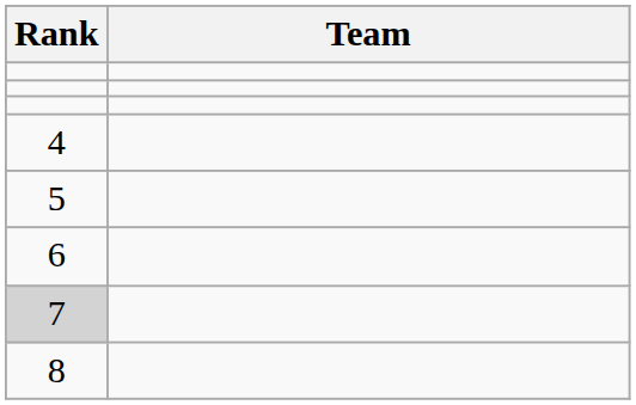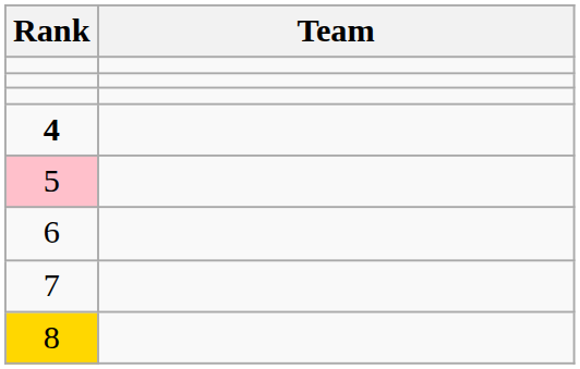 <table class="wikitable">
 <tr>
 <th>Rank</th>
 <th style="width:14em">Team</th>
 </tr>
 <tr>
 <td align=center></td>
 <td></td>
 </tr>
 <tr>
 <td align=center></td>
 <td></td>
 </tr>
 <tr>
 <td align=center></td>
 <td></td>
 </tr>
 <tr>
-<td align=center>4</td>
+<td align=center><strong>4</strong></td>
 <td></td>
 </tr>
 <tr>
-<td align="center">5</td>
+<td align="center" style="background: pink;">5</td>
 <td></td>
 </tr>
 <tr>
 <td align=center>6</td>
 <td></td>
 </tr>
 <tr>
-<td align=center style="background: lightgrey;">7</td>
+<td align=center>7</td>
 <td></td>
 </tr>
 <tr>
-<td align=center>8</td>
+<td align=center style="background: gold;">8</td>
 <td></td>
 </tr>
 </table>
